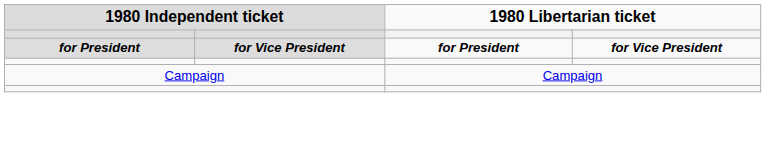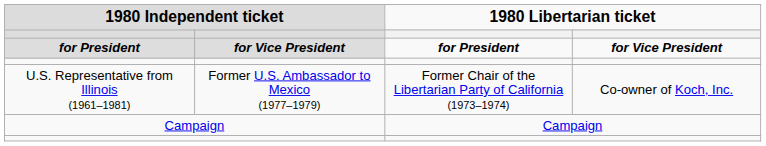 <table class="wikitable" style="font-size:90%; text-align:center;">
 <tr>
 <td colspan="2" style="background:#DCDCDC;"><big><strong>1980 Independent ticket</strong></big></td>
 <td colspan="2" style="background:"><big><strong>1980 Libertarian ticket</strong></big></td>
 </tr>
 <tr>
 <th style="width:3em; font-size:135%; background:#dddddd; width:200px;"><a href='#'></a></th>
 <th style="width:3em; font-size:135%; background:#dddddd; width:200px;"><a href='#'></a></th>
 <th style="width:3em; font-size:135%; background:"><a href='#'></a></th>
 <th style="width:3em; font-size:135%; background:"><a href='#'></a></th>
 </tr>
 <tr style="color:#000; font-size:100%;">
 <td style="width:3em; width:200px; background:#dddddd;"><strong><em>for President</em></strong></td>
 <td style="width:3em; width:200px; background:#dddddd;"><strong><em>for Vice President</em></strong></td>
 <td style="width:3em; width:200px; background:"><strong><em>for President</em></strong></td>
 <td style="width:3em; width:200px; background:"><strong><em>for Vice President</em></strong></td>
 </tr>
 <tr>
 <td></td>
 <td></td>
 <td></td>
 <td></td>
 </tr>
 <tr>
+<td>U.S. Representative from <a href='#'>Illinois</a><br><small>(1961–1981)</small></td>
+<td>Former <a href='#'>U.S. Ambassador to Mexico</a><br><small>(1977–1979)</small></td>
+<td>Former Chair of the<br><a href='#'>Libertarian Party of California</a><br><small>(1973–1974)</small></td>
+<td>Co-owner of <a href='#'>Koch, Inc.</a></td>
+</tr>
+<tr>
 <td colspan="2"><a href='#'>Campaign</a></td>
 <td colspan="2"><a href='#'>Campaign</a></td>
 </tr>
 <tr>
 <td colspan="2"></td>
 <td colspan="2"></td>
 </tr>
 </table>
